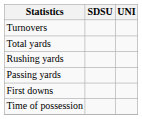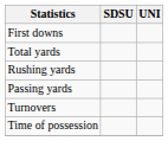 <table class="wikitable">
 <tr>
 <th>Statistics</th>
 <th>SDSU</th>
 <th>UNI</th>
 </tr>
 <tr>
-<td>Turnovers</td>
+<td>First downs</td>
 <td></td>
 <td></td>
 </tr>
 <tr>
 <td>Total yards</td>
 <td></td>
 <td></td>
 </tr>
 <tr>
 <td>Rushing yards</td>
 <td></td>
 <td></td>
 </tr>
 <tr>
 <td>Passing yards</td>
 <td></td>
 <td></td>
 </tr>
 <tr>
-<td>First downs</td>
+<td>Turnovers</td>
 <td></td>
 <td></td>
 </tr>
 <tr>
 <td>Time of possession</td>
 <td></td>
 <td></td>
 </tr>
 <tr>
 </tr>
 </table>
